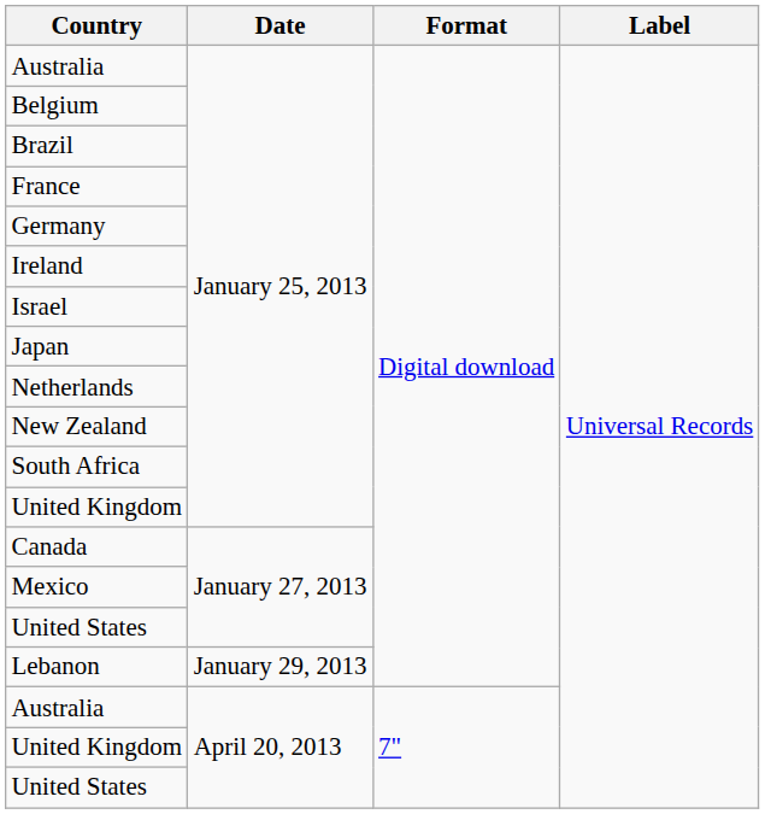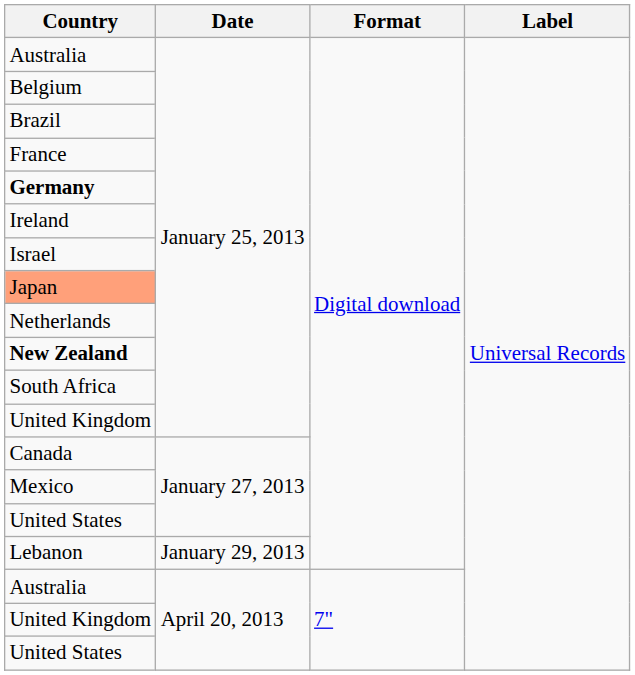 <table class="wikitable plainrowheaders">
 <tr>
 <th scope="col">Country</th>
 <th scope="col">Date</th>
 <th scope="col">Format</th>
 <th scope="col">Label</th>
 </tr>
 <tr>
 <td>Australia</td>
 <td rowspan="12">January 25, 2013</td>
 <td rowspan="16"><a href='#'>Digital download</a></td>
 <td rowspan="19"><a href='#'>Universal Records</a></td>
 </tr>
 <tr>
 <td>Belgium</td>
 </tr>
 <tr>
 <td>Brazil</td>
 </tr>
 <tr>
 <td>France</td>
 </tr>
 <tr>
-<td>Germany</td>
+<td><strong>Germany</strong></td>
 </tr>
 <tr>
 <td>Ireland</td>
 </tr>
 <tr>
 <td>Israel</td>
 </tr>
 <tr>
-<td>Japan</td>
+<td style="background: lightsalmon;">Japan</td>
 </tr>
 <tr>
 <td>Netherlands</td>
 </tr>
 <tr>
-<td>New Zealand</td>
+<td><strong>New Zealand</strong></td>
 </tr>
 <tr>
 <td>South Africa</td>
 </tr>
 <tr>
 <td>United Kingdom</td>
 </tr>
 <tr>
 <td>Canada</td>
 <td rowspan="3">January 27, 2013</td>
 </tr>
 <tr>
 <td>Mexico</td>
 </tr>
 <tr>
 <td>United States</td>
 </tr>
 <tr>
 <td>Lebanon</td>
 <td>January 29, 2013</td>
 </tr>
 <tr>
 <td>Australia</td>
 <td rowspan="3">April 20, 2013</td>
 <td rowspan="3"><a href='#'>7"</a></td>
 </tr>
 <tr>
 <td>United Kingdom</td>
 </tr>
 <tr>
 <td>United States</td>
 </tr>
 </table>
